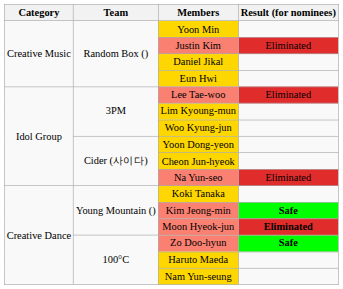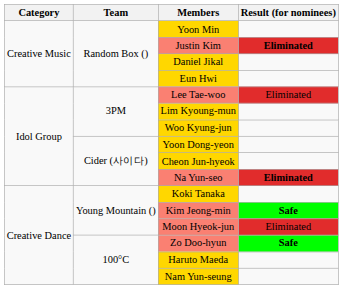 <table class="wikitable" style="text-align:center">
 <tr>
 <th>Category</th>
 <th>Team</th>
 <th>Members</th>
 <th>Result (for nominees)</th>
 </tr>
 <tr>
 <td rowspan="4">Creative Music</td>
 <td rowspan="4">Random Box ()</td>
 <td style="background:#FFD700;">Yoon Min</td>
 <td></td>
 </tr>
 <tr>
 <td style="background:salmon;">Justin Kim</td>
-<td style="background:#E12C2C;">Eliminated</td>
+<td style="background:#E12C2C;"><strong>Eliminated</strong></td>
 </tr>
 <tr>
 <td style="background:#FFD700;">Daniel Jikal</td>
 <td></td>
 </tr>
 <tr>
 <td style="background:#FFD700;">Eun Hwi</td>
 <td></td>
 </tr>
 <tr>
 <td rowspan="6">Idol Group</td>
 <td rowspan="3">3PM</td>
 <td style="background:salmon;">Lee Tae-woo</td>
 <td style="background:#E12C2C;">Eliminated</td>
 </tr>
 <tr>
 <td style="background:#FFD700;">Lim Kyoung-mun</td>
 <td></td>
 </tr>
 <tr>
 <td style="background:#FFD700;">Woo Kyung-jun</td>
 <td></td>
 </tr>
 <tr>
 <td rowspan="3">Cider (사이다)</td>
 <td style="background:#FFD700;">Yoon Dong-yeon</td>
 <td></td>
 </tr>
 <tr>
 <td style="background:#FFD700;">Cheon Jun-hyeok</td>
 <td></td>
 </tr>
 <tr>
 <td style="background:salmon;">Na Yun-seo</td>
-<td style="background:#E12C2C;">Eliminated</td>
+<td style="background:#E12C2C;"><strong>Eliminated</strong></td>
 </tr>
 <tr>
 <td rowspan="6">Creative Dance</td>
 <td rowspan="3">Young Mountain ()</td>
 <td style="background:#FFD700;">Koki Tanaka</td>
 <td></td>
 </tr>
 <tr>
 <td style="background:salmon;">Kim Jeong-min</td>
 <td style="background:#00FF00;"><strong>Safe</strong></td>
 </tr>
 <tr>
 <td style="background:salmon;">Moon Hyeok-jun</td>
-<td style="background:#E12C2C;"><strong>Eliminated</strong></td>
+<td style="background:#E12C2C;">Eliminated</td>
 </tr>
 <tr>
 <td rowspan="3">100°C</td>
 <td style="background:salmon;">Zo Doo-hyun</td>
 <td style="background:#00FF00;"><strong>Safe</strong></td>
 </tr>
 <tr>
 <td style="background:#FFD700;">Haruto Maeda</td>
 <td></td>
 </tr>
 <tr>
 <td style="background:#FFD700;">Nam Yun-seung</td>
 <td></td>
 </tr>
 </table>
